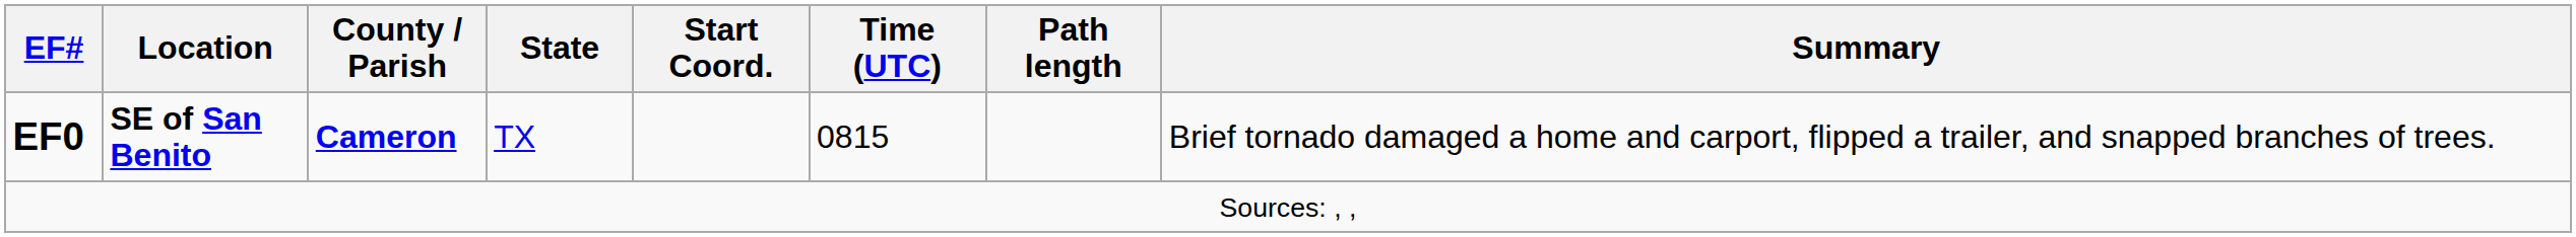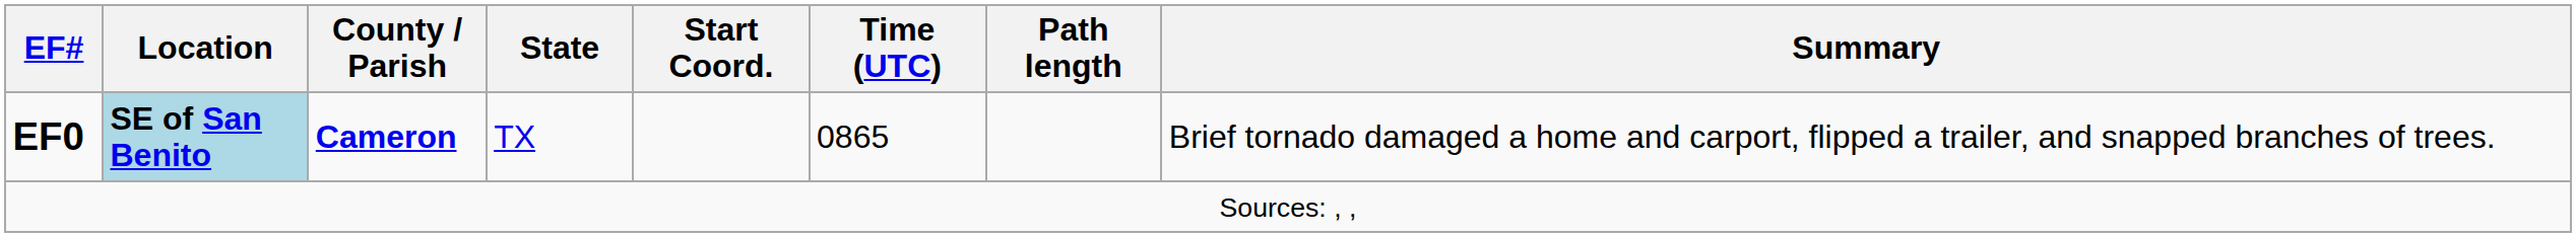 <table class="wikitable collapsible" width="100%">
 <tr>
 <th scope="col"  style="width:3%; text-align:center;"><a href='#'>EF#</a></th>
 <th scope="col"  style="width:7%; text-align:center;" class="unsortable">Location</th>
 <th scope="col"  style="width:6%; text-align:center;" class="unsortable">County / Parish</th>
 <th scope="col"  style="width:5%; text-align:center;">State</th>
 <th scope="col"  style="width:6%; text-align:center;">Start Coord.</th>
 <th scope="col"  style="width:6%; text-align:center;">Time (<a href='#'>UTC</a>)</th>
 <th scope="col"  style="width:6%; text-align:center;">Path length</th>
 <th scope="col" class="unsortable" style="width:48%; text-align:center;">Summary</th>
 </tr>
 <tr>
 <td><big><strong>EF0</strong></big></td>
-<td><strong>SE of <a href='#'>San Benito</a></strong></td>
+<td style="background: lightblue;"><strong>SE of <a href='#'>San Benito</a></strong></td>
 <td><strong><a href='#'>Cameron</a></strong></td>
 <td><a href='#'>TX</a></td>
 <td></td>
-<td>0815</td>
+<td>0865</td>
 <td></td>
 <td>Brief tornado damaged a home and carport, flipped a trailer, and snapped branches of trees.</td>
 </tr>
 <tr>
 <td colspan="8" align=center><small>Sources: , , </small></td>
 </tr>
 </table>
